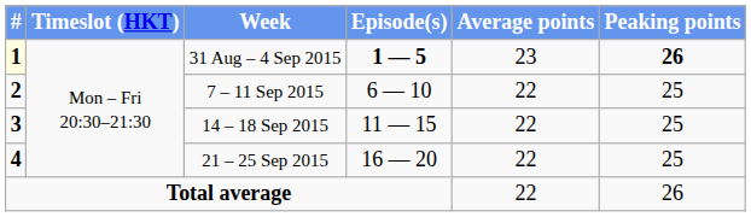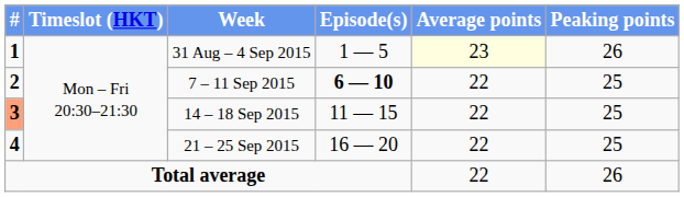 <table class="wikitable" style="text-align:center;">
 <tr style="background:cornflowerblue; color:white" align="center">
 </tr>
 <tr>
 <th style="background:cornflowerblue; color:white" align="center">#</th>
 <th style="background:cornflowerblue; color:white" align="center">Timeslot (<a href='#'>HKT</a>)</th>
 <th style="background:cornflowerblue; color:white" align="center">Week</th>
 <th style="background:cornflowerblue; color:white" align="center">Episode(s)</th>
 <th style="background:cornflowerblue; color:white" align="center">Average points</th>
 <th style="background:cornflowerblue; color:white" align="center">Peaking points</th>
 </tr>
 <tr>
-<td style="background: lightyellow;"><strong>1</strong></td>
+<td><strong>1</strong></td>
 <td rowspan="4"><small>Mon – Fri<br>20:30–21:30</small></td>
 <td><small>31 Aug – 4 Sep 2015</small></td>
-<td><strong>1 — 5</strong></td>
-<td>23</td>
-<td><strong>26</strong></td>
+<td>1 — 5</td>
+<td style="background: lightyellow;">23</td>
+<td>26</td>
 </tr>
 <tr>
 <td><strong>2</strong></td>
 <td><small>7 – 11 Sep 2015</small></td>
-<td>6 — 10</td>
+<td><strong>6 — 10</strong></td>
 <td>22</td>
 <td>25</td>
 </tr>
 <tr>
-<td><strong>3</strong></td>
+<td style="background: lightsalmon;"><strong>3</strong></td>
 <td><small>14 – 18 Sep 2015</small></td>
 <td>11 — 15</td>
 <td>22</td>
 <td>25</td>
 </tr>
 <tr>
 <td><strong>4</strong></td>
 <td><small>21 – 25 Sep 2015</small></td>
 <td>16 — 20</td>
 <td>22</td>
 <td>25</td>
 </tr>
 <tr>
 <td colspan="4"><strong>Total average</strong></td>
 <td>22</td>
 <td>26</td>
 </tr>
 </table>
